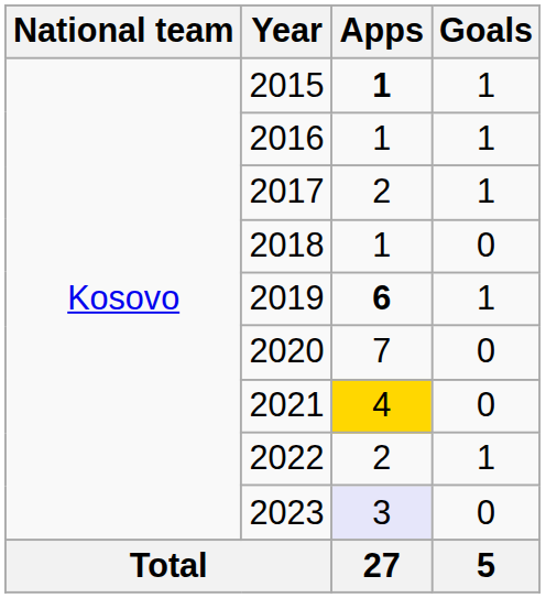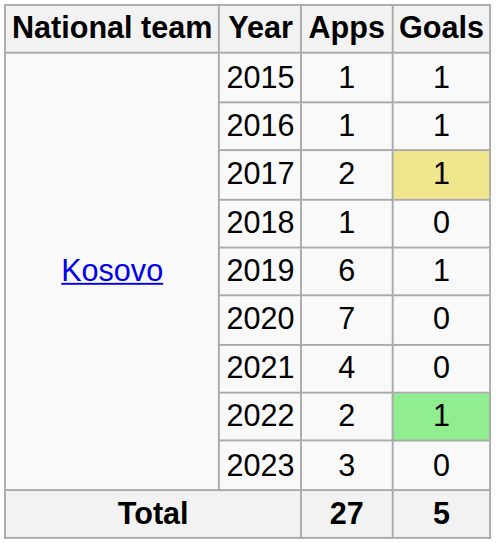 <table class="wikitable" style="text-align:center">
 <tr>
 <th>National team</th>
 <th>Year</th>
 <th>Apps</th>
 <th>Goals</th>
 </tr>
 <tr>
 <td rowspan="9"><a href='#'>Kosovo</a></td>
 <td>2015</td>
-<td><strong>1</strong></td>
+<td>1</td>
 <td>1</td>
 </tr>
 <tr>
 <td>2016</td>
 <td>1</td>
 <td>1</td>
 </tr>
 <tr>
 <td>2017</td>
 <td>2</td>
-<td>1</td>
+<td style="background: khaki;">1</td>
 </tr>
 <tr>
 <td>2018</td>
 <td>1</td>
 <td>0</td>
 </tr>
 <tr>
 <td>2019</td>
-<td><strong>6</strong></td>
+<td>6</td>
 <td>1</td>
 </tr>
 <tr>
 <td>2020</td>
 <td>7</td>
 <td>0</td>
 </tr>
 <tr>
 <td>2021</td>
-<td style="background: gold;">4</td>
+<td>4</td>
 <td>0</td>
 </tr>
 <tr>
 <td>2022</td>
 <td>2</td>
-<td>1</td>
+<td style="background: lightgreen;">1</td>
 </tr>
 <tr>
 <td>2023</td>
-<td style="background: lavender;">3</td>
+<td>3</td>
 <td>0</td>
 </tr>
 <tr>
 <th colspan="2">Total</th>
 <th>27</th>
 <th>5</th>
 </tr>
 </table>
